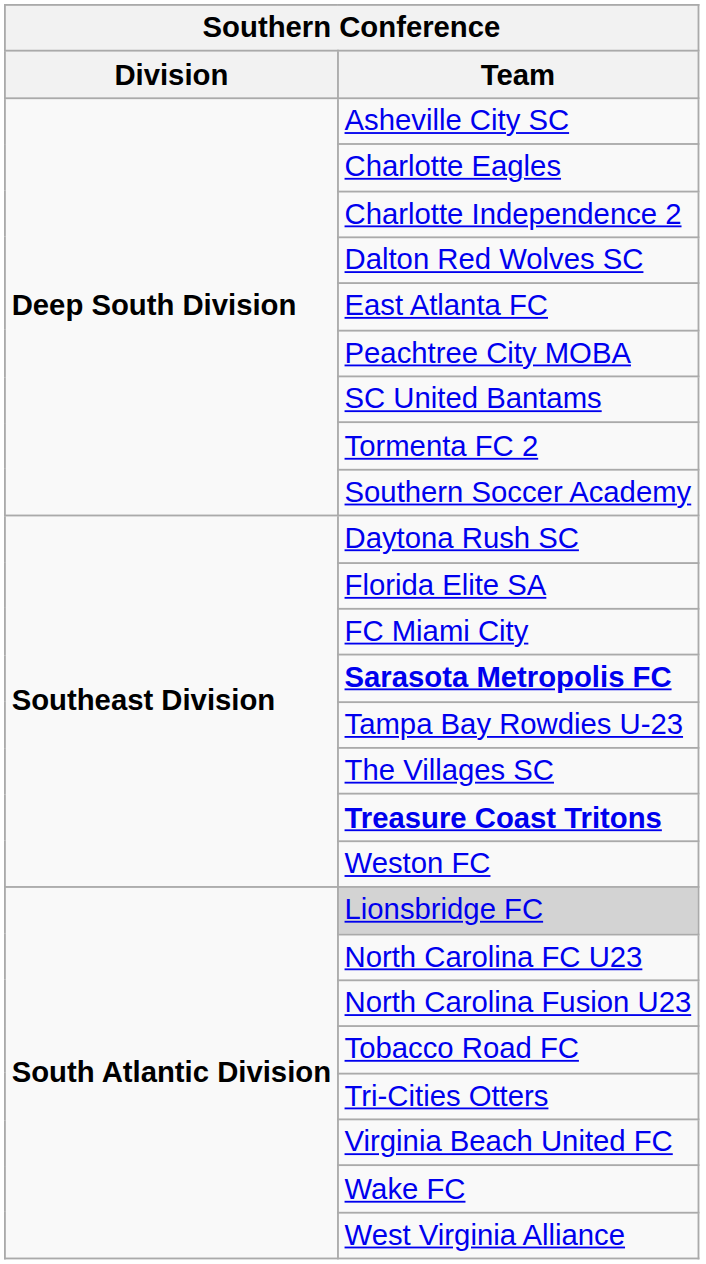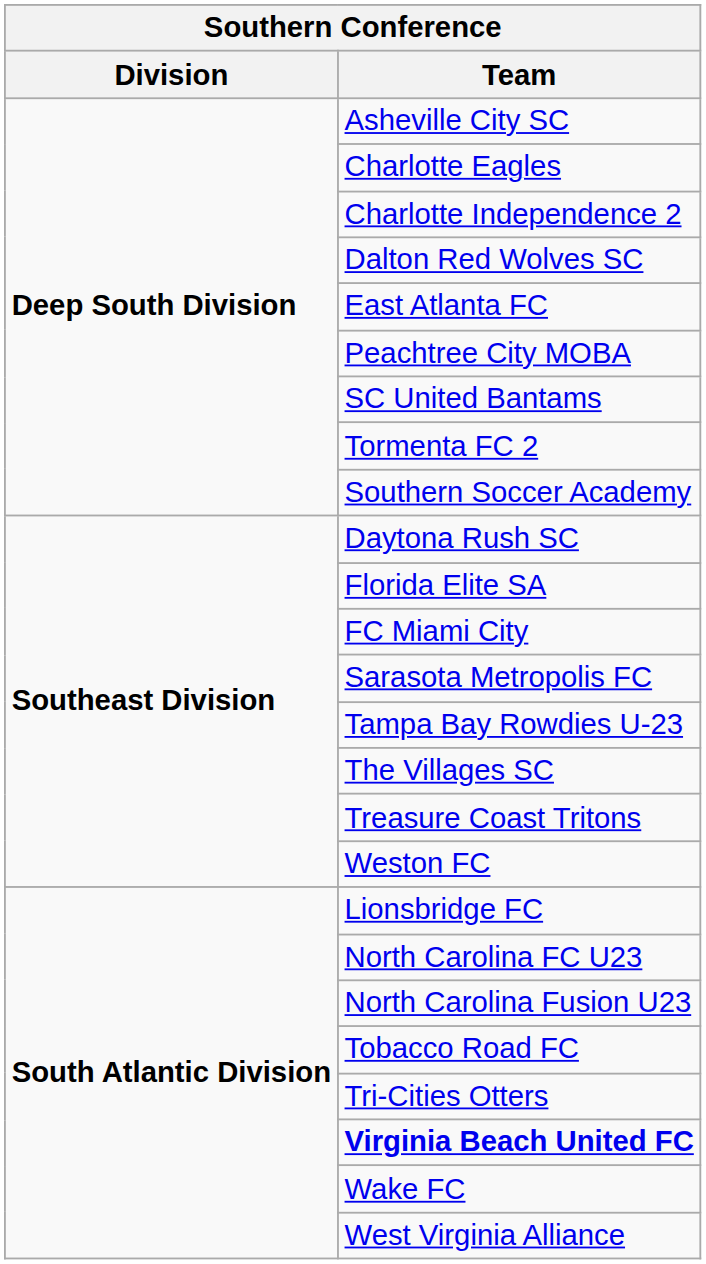 <table class="wikitable" style="text-align:left">
 <tr>
 <th colspan=3>Southern Conference</th>
 </tr>
 <tr>
 <th>Division</th>
 <th>Team</th>
 </tr>
 <tr>
 <td rowspan=9><strong>Deep South Division</strong></td>
 <td><a href='#'>Asheville City SC</a></td>
 </tr>
 <tr>
 <td><a href='#'>Charlotte Eagles</a></td>
 </tr>
 <tr>
 <td><a href='#'>Charlotte Independence 2</a></td>
 </tr>
 <tr>
 <td><a href='#'>Dalton Red Wolves SC</a></td>
 </tr>
 <tr>
 <td><a href='#'>East Atlanta FC</a></td>
 </tr>
 <tr>
 <td><a href='#'>Peachtree City MOBA</a></td>
 </tr>
 <tr>
 <td><a href='#'>SC United Bantams</a></td>
 </tr>
 <tr>
 <td><a href='#'>Tormenta FC 2</a></td>
 </tr>
 <tr>
 <td><a href='#'>Southern Soccer Academy</a></td>
 </tr>
 <tr>
 <td rowspan=8><strong>Southeast Division</strong></td>
 <td><a href='#'>Daytona Rush SC</a></td>
 </tr>
 <tr>
 <td><a href='#'>Florida Elite SA</a></td>
 </tr>
 <tr>
 <td><a href='#'>FC Miami City</a></td>
 </tr>
 <tr>
-<td><strong><a href='#'>Sarasota Metropolis FC</a></strong></td>
+<td><a href='#'>Sarasota Metropolis FC</a></td>
 </tr>
 <tr>
 <td><a href='#'>Tampa Bay Rowdies U-23</a></td>
 </tr>
 <tr>
 <td><a href='#'>The Villages SC</a></td>
 </tr>
 <tr>
-<td><strong><a href='#'>Treasure Coast Tritons</a></strong></td>
+<td><a href='#'>Treasure Coast Tritons</a></td>
 </tr>
 <tr>
 <td><a href='#'>Weston FC</a></td>
 </tr>
 <tr>
 <td rowspan=8><strong>South Atlantic Division</strong></td>
-<td style="background: lightgrey;"><a href='#'>Lionsbridge FC</a></td>
+<td><a href='#'>Lionsbridge FC</a></td>
 </tr>
 <tr>
 <td><a href='#'>North Carolina FC U23</a></td>
 </tr>
 <tr>
 <td><a href='#'>North Carolina Fusion U23</a></td>
 </tr>
 <tr>
 <td><a href='#'>Tobacco Road FC</a></td>
 </tr>
 <tr>
 <td><a href='#'>Tri-Cities Otters</a></td>
 </tr>
 <tr>
-<td><a href='#'>Virginia Beach United FC</a></td>
+<td><strong><a href='#'>Virginia Beach United FC</a></strong></td>
 </tr>
 <tr>
 <td><a href='#'>Wake FC</a></td>
 </tr>
 <tr>
 <td><a href='#'>West Virginia Alliance</a></td>
 </tr>
 </table>
